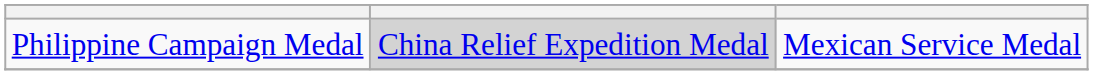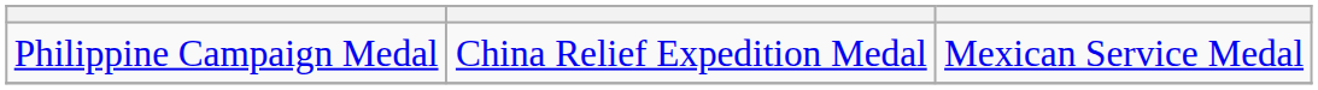 <table class="wikitable" style="margin:1em auto; text-align:center;">
 <tr>
 <th></th>
 <th></th>
 <th></th>
 </tr>
 <tr>
 <td><a href='#'>Philippine Campaign Medal</a></td>
-<td style="background: lightgrey;"><a href='#'>China Relief Expedition Medal</a></td>
+<td><a href='#'>China Relief Expedition Medal</a></td>
 <td><a href='#'>Mexican Service Medal</a></td>
 </tr>
 <tr>
 </tr>
 </table>
